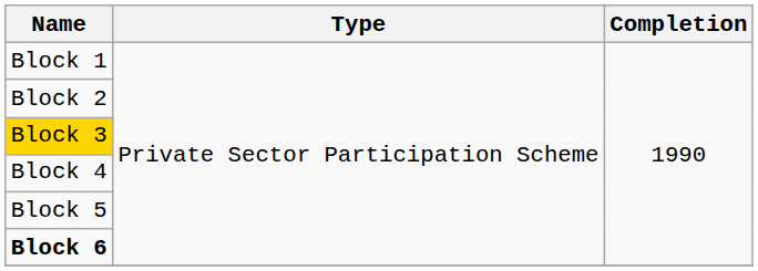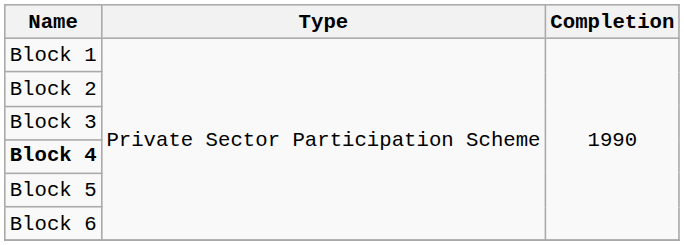 <table class="wikitable" style="text-align: center">
 <tr>
 <th>Name</th>
 <th>Type</th>
 <th>Completion</th>
 </tr>
 <tr>
 <td>Block 1</td>
 <td rowspan="6">Private Sector Participation Scheme</td>
 <td rowspan="6">1990</td>
 </tr>
 <tr>
 <td>Block 2</td>
 </tr>
 <tr>
-<td style="background: gold;">Block 3</td>
+<td>Block 3</td>
 </tr>
 <tr>
-<td>Block 4</td>
+<td><strong>Block 4</strong></td>
 </tr>
 <tr>
 <td>Block 5</td>
 </tr>
 <tr>
-<td><strong>Block 6</strong></td>
+<td>Block 6</td>
 </tr>
 <tr>
 </tr>
 </table>
